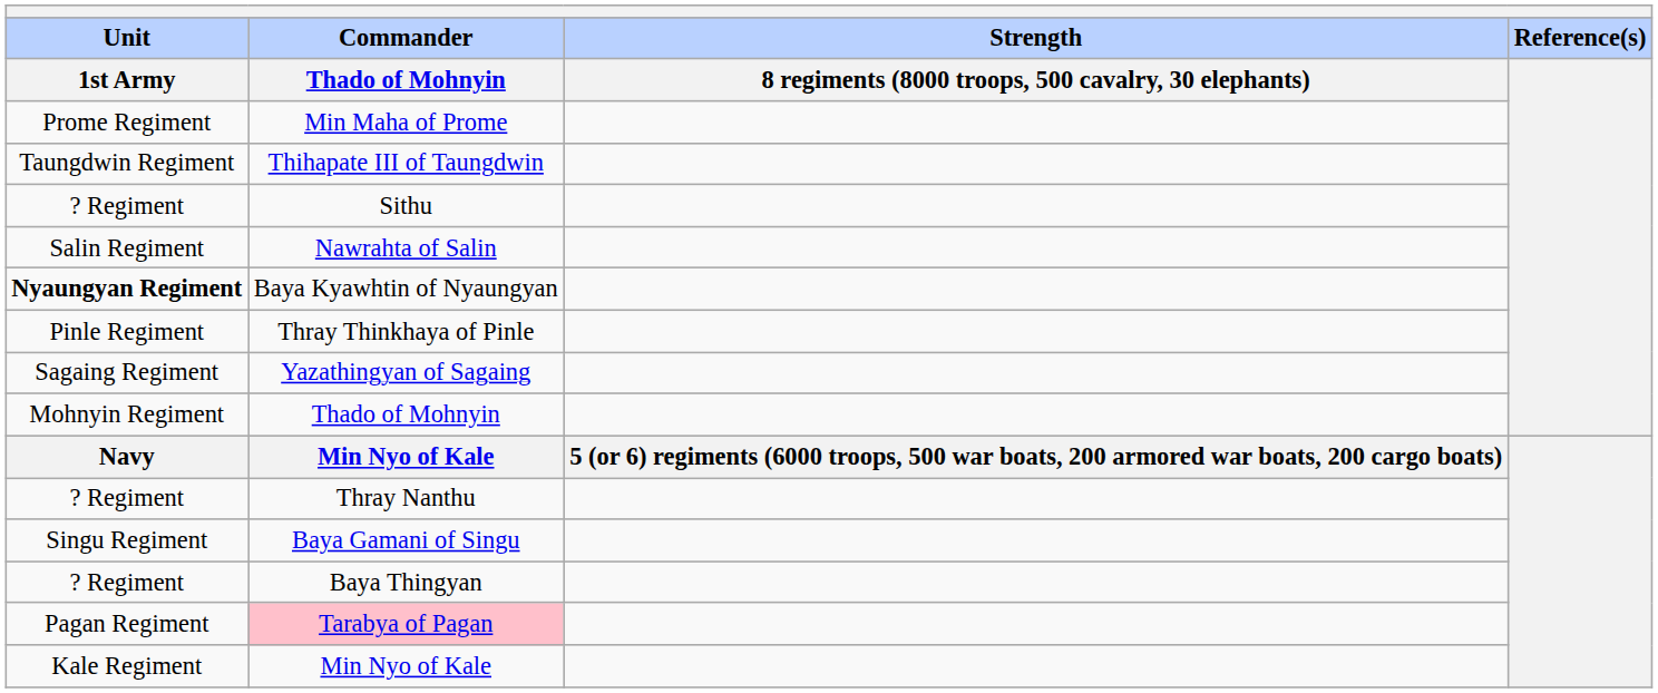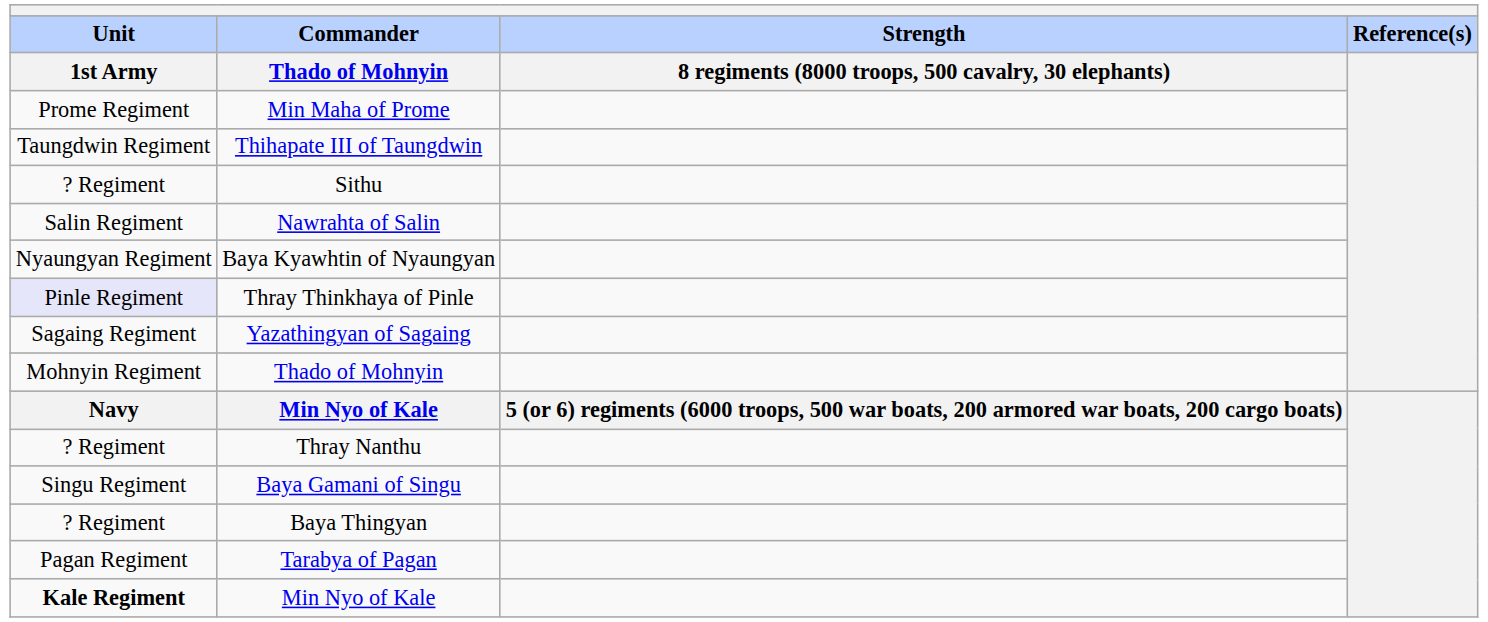 <table class="wikitable collapsible" style="min-width:60em; margin:0.3em auto; font-size:88%;">
 <tr>
 <th colspan=5></th>
 </tr>
 <tr>
 <th style="background-color:#B9D1FF">Unit</th>
 <th style="background-color:#B9D1FF">Commander</th>
 <th style="background-color:#B9D1FF">Strength</th>
 <th style="background-color:#B9D1FF">Reference(s)</th>
 </tr>
 <tr>
 <th colspan="1">1st Army</th>
 <th colspan="1"><a href='#'>Thado of Mohnyin</a></th>
 <th colspan="1">8 regiments (8000 troops, 500 cavalry, 30 elephants)</th>
 <th rowspan="9"></th>
 </tr>
 <tr>
 <td align="center">Prome Regiment</td>
 <td align="center"><a href='#'>Min Maha of Prome</a></td>
 <td align="center"></td>
 </tr>
 <tr>
 <td align="center">Taungdwin Regiment</td>
 <td align="center"><a href='#'>Thihapate III of Taungdwin</a></td>
 <td align="center"></td>
 </tr>
 <tr>
 <td align="center">? Regiment</td>
 <td align="center">Sithu</td>
 <td align="center"></td>
 </tr>
 <tr>
 <td align="center">Salin Regiment</td>
 <td align="center"><a href='#'>Nawrahta of Salin</a></td>
 <td align="center"></td>
 </tr>
 <tr>
-<td align="center"><strong>Nyaungyan Regiment</strong></td>
+<td align="center">Nyaungyan Regiment</td>
 <td align="center">Baya Kyawhtin of Nyaungyan</td>
 <td align="center"></td>
 </tr>
 <tr>
-<td align="center">Pinle Regiment</td>
+<td align="center" style="background: lavender;">Pinle Regiment</td>
 <td align="center">Thray Thinkhaya of Pinle</td>
 <td align="center"></td>
 </tr>
 <tr>
 <td align="center">Sagaing Regiment</td>
 <td align="center"><a href='#'>Yazathingyan of Sagaing</a></td>
 <td align="center"></td>
 </tr>
 <tr>
 <td align="center">Mohnyin Regiment</td>
 <td align="center"><a href='#'>Thado of Mohnyin</a></td>
 <td align="center"></td>
 </tr>
 <tr>
 <th colspan="1">Navy</th>
 <th colspan="1"><a href='#'>Min Nyo of Kale</a></th>
 <th colspan="1">5 (or 6) regiments (6000 troops, 500 war boats, 200 armored war boats, 200 cargo boats)</th>
 <th rowspan="6"></th>
 </tr>
 <tr>
 <td align="center">? Regiment</td>
 <td align="center">Thray Nanthu</td>
 <td align="center"></td>
 </tr>
 <tr>
 <td align="center">Singu Regiment</td>
 <td align="center"><a href='#'>Baya Gamani of Singu</a></td>
 <td align="center"></td>
 </tr>
 <tr>
 <td align="center">? Regiment</td>
 <td align="center">Baya Thingyan</td>
 <td align="center"></td>
 </tr>
 <tr>
 <td align="center">Pagan Regiment</td>
-<td align="center" style="background: pink;"><a href='#'>Tarabya of Pagan</a></td>
+<td align="center"><a href='#'>Tarabya of Pagan</a></td>
 <td align="center"></td>
 </tr>
 <tr>
-<td align="center">Kale Regiment</td>
+<td align="center"><strong>Kale Regiment</strong></td>
 <td align="center"><a href='#'>Min Nyo of Kale</a></td>
 <td align="center"></td>
 </tr>
 </table>
